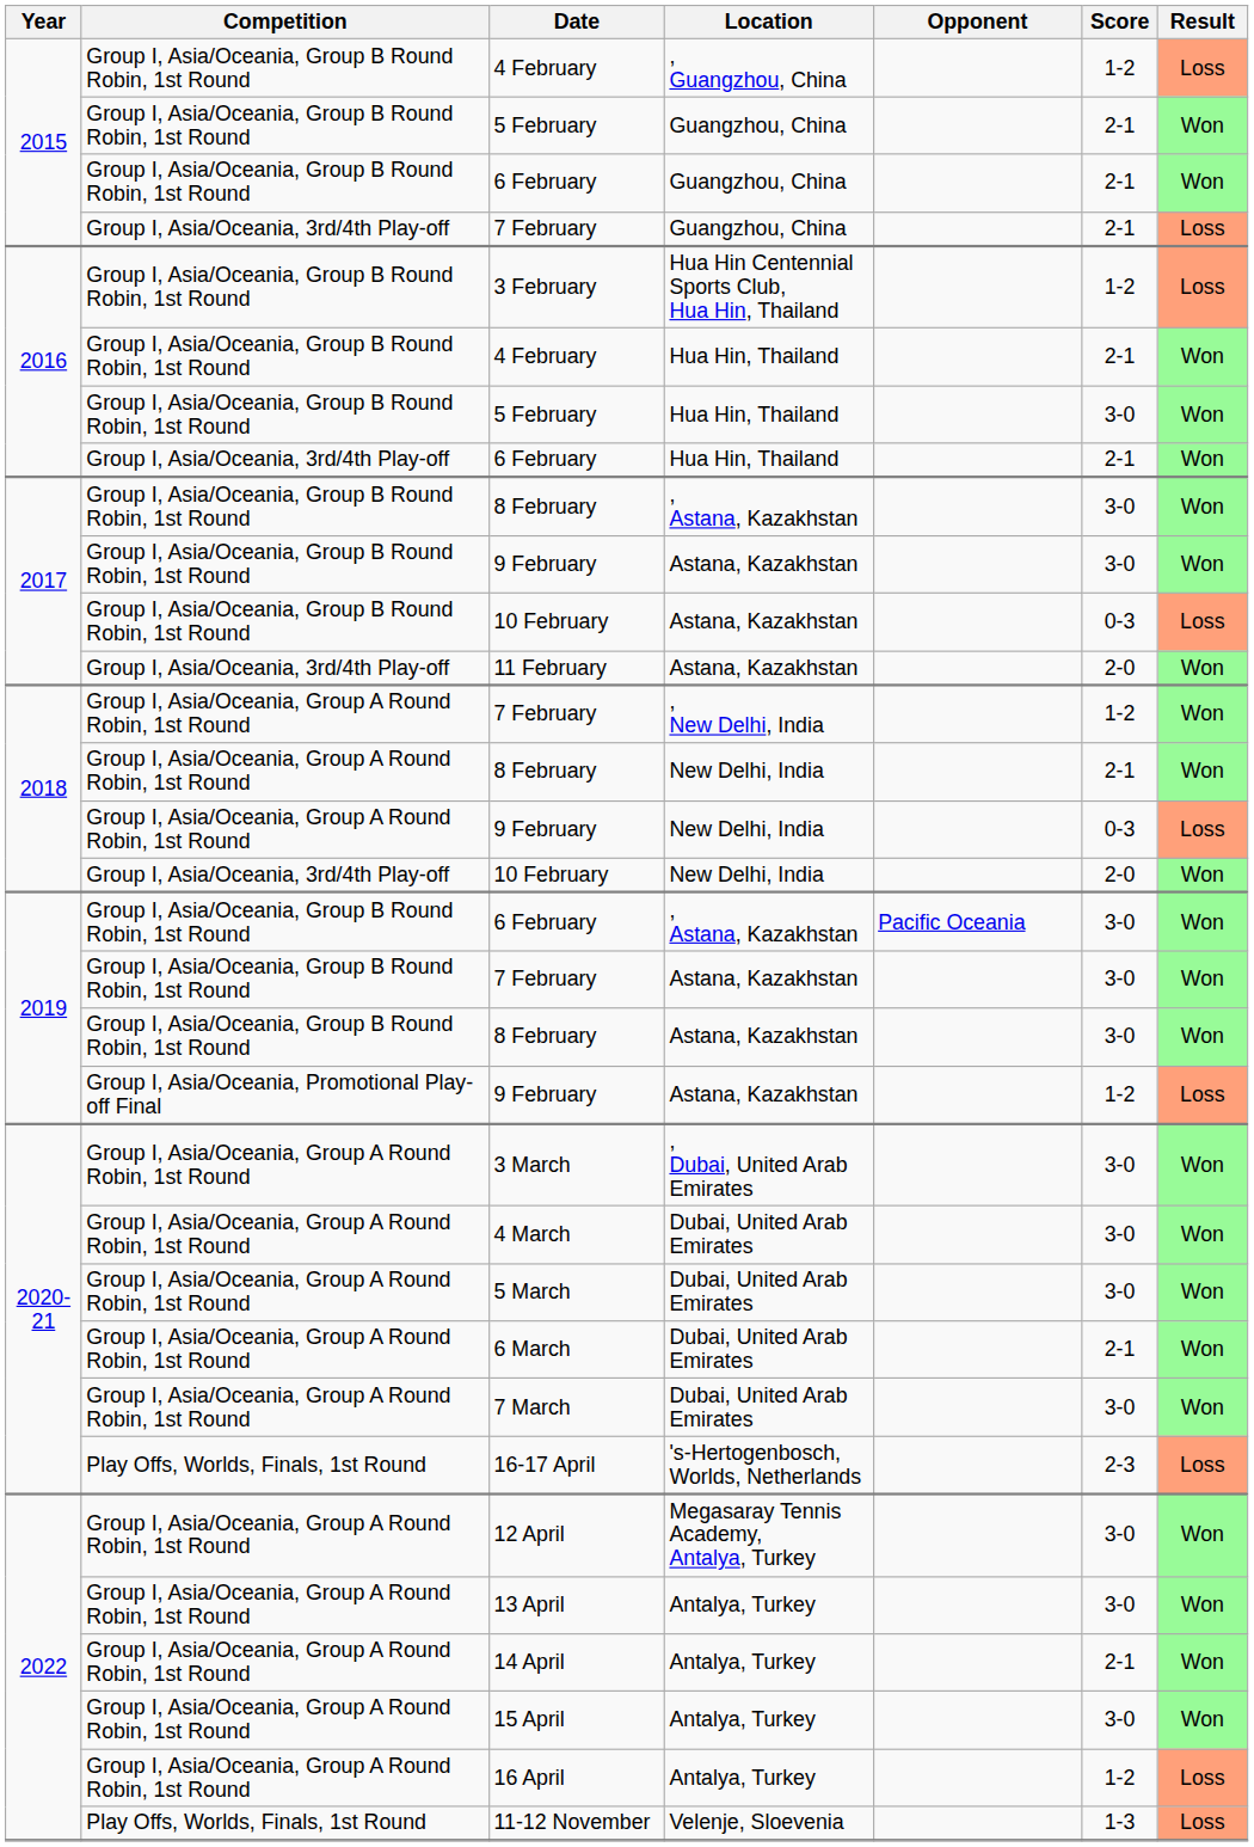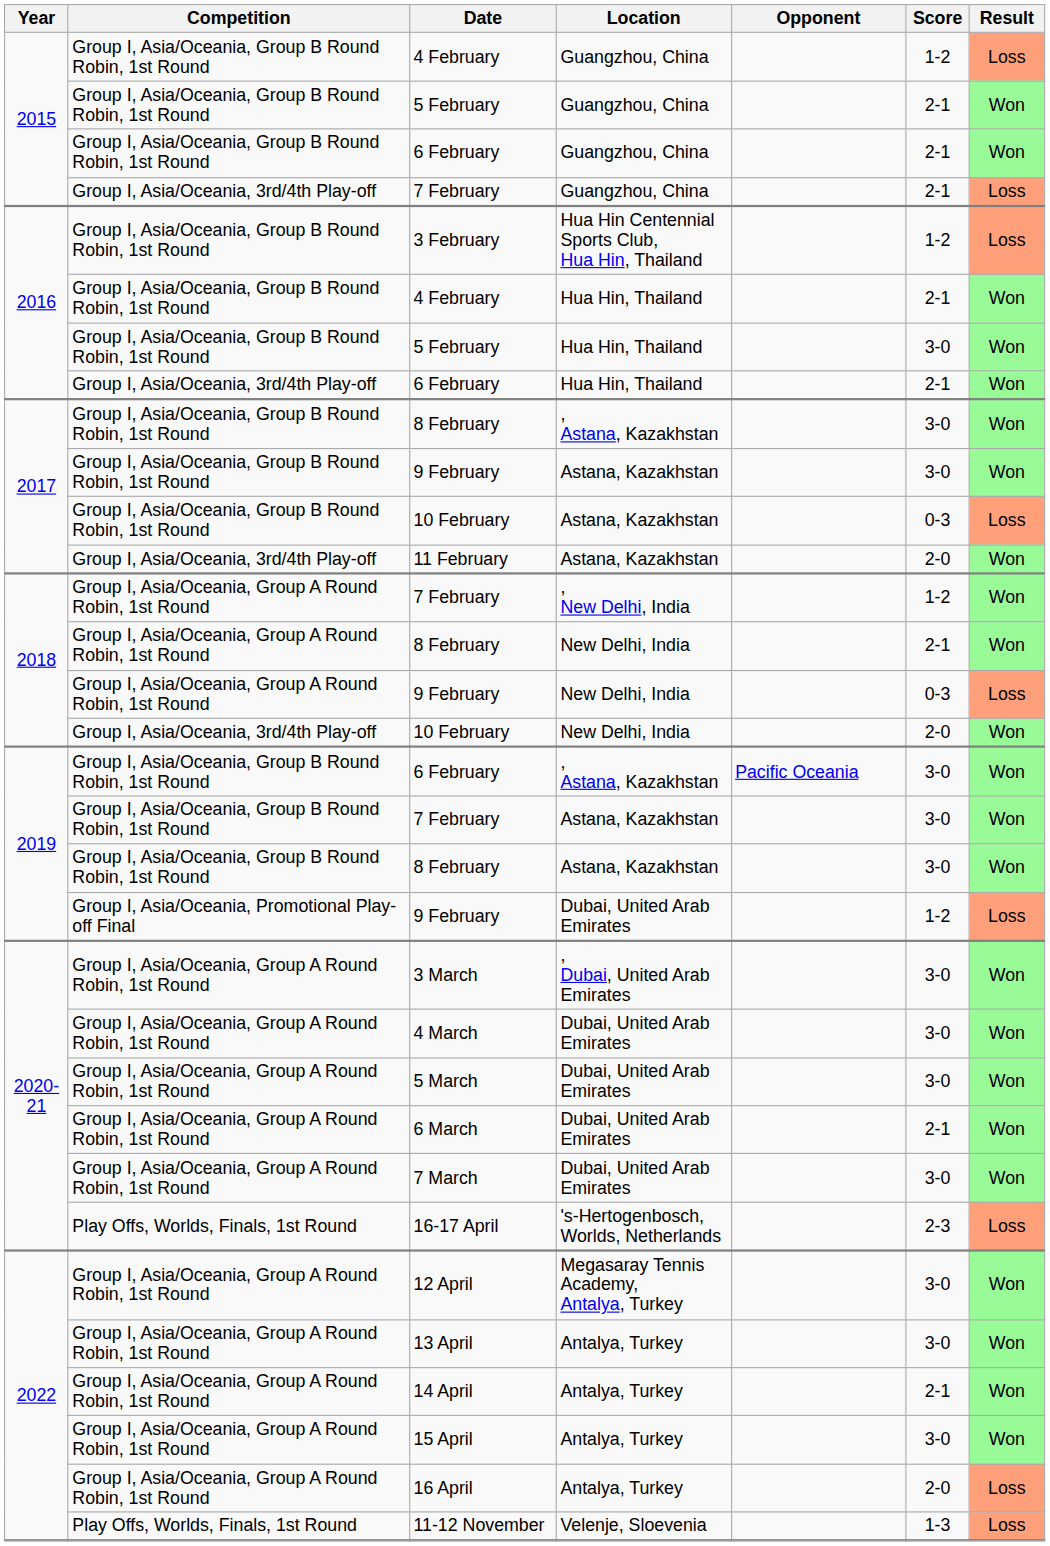 <table class="wikitable">
 <tr>
 <th width="50">Year</th>
 <th width="300">Competition</th>
 <th width="125">Date</th>
 <th width="150">Location</th>
 <th width="150">Opponent</th>
 <th width="50">Score</th>
 <th width="60">Result</th>
 </tr>
 <tr>
 <td align="center" rowspan="4"><a href='#'>2015</a></td>
 <td>Group I, Asia/Oceania, Group B Round Robin, 1st Round</td>
 <td>4 February</td>
-<td>, <br> <a href='#'>Guangzhou</a>, China</td>
+<td>Guangzhou, China</td>
 <td></td>
 <td align="center">1-2</td>
 <td align="center" bgcolor="#FFA07A">Loss</td>
 </tr>
 <tr>
 <td>Group I, Asia/Oceania, Group B Round Robin, 1st Round</td>
 <td>5 February</td>
 <td>Guangzhou, China</td>
 <td></td>
 <td align="center">2-1</td>
 <td align="center" bgcolor="#98FB98">Won</td>
 </tr>
 <tr>
 <td>Group I, Asia/Oceania, Group B Round Robin, 1st Round</td>
 <td>6 February</td>
 <td>Guangzhou, China</td>
 <td></td>
 <td align="center">2-1</td>
 <td align="center" bgcolor="#98FB98">Won</td>
 </tr>
 <tr>
 <td>Group I, Asia/Oceania, 3rd/4th Play-off</td>
 <td>7 February</td>
 <td>Guangzhou, China</td>
 <td></td>
 <td align="center">2-1</td>
 <td align="center" bgcolor="#FFA07A">Loss</td>
 </tr>
 <tr style="border-top:2px solid gray;">
 <td align="center" rowspan="4"><a href='#'>2016</a></td>
 <td>Group I, Asia/Oceania, Group B Round Robin, 1st Round</td>
 <td>3 February</td>
 <td>Hua Hin Centennial Sports Club, <br><a href='#'>Hua Hin</a>, Thailand</td>
 <td></td>
 <td align="center">1-2</td>
 <td align="center" bgcolor="#FFA07A">Loss</td>
 </tr>
 <tr>
 <td>Group I, Asia/Oceania, Group B Round Robin, 1st Round</td>
 <td>4 February</td>
 <td>Hua Hin, Thailand</td>
 <td></td>
 <td align="center">2-1</td>
 <td align="center" bgcolor="#98FB98">Won</td>
 </tr>
 <tr>
 <td>Group I, Asia/Oceania, Group B Round Robin, 1st Round</td>
 <td>5 February</td>
 <td>Hua Hin, Thailand</td>
 <td></td>
 <td align="center">3-0</td>
 <td align="center" bgcolor="#98FB98">Won</td>
 </tr>
 <tr>
 <td>Group I, Asia/Oceania, 3rd/4th Play-off</td>
 <td>6 February</td>
 <td>Hua Hin, Thailand</td>
 <td></td>
 <td align="center">2-1</td>
 <td align="center" bgcolor="#98FB98">Won</td>
 </tr>
 <tr style="border-top:2px solid gray;">
 <td align="center" rowspan="4"><a href='#'>2017</a></td>
 <td>Group I, Asia/Oceania, Group B Round Robin, 1st Round</td>
 <td>8 February</td>
 <td>, <br> <a href='#'>Astana</a>, Kazakhstan</td>
 <td></td>
 <td align="center">3-0</td>
 <td align="center" bgcolor="#98FB98">Won</td>
 </tr>
 <tr>
 <td>Group I, Asia/Oceania, Group B Round Robin, 1st Round</td>
 <td>9 February</td>
 <td>Astana, Kazakhstan</td>
 <td></td>
 <td align="center">3-0</td>
 <td align="center" bgcolor="#98FB98">Won</td>
 </tr>
 <tr>
 <td>Group I, Asia/Oceania, Group B Round Robin, 1st Round</td>
 <td>10 February</td>
 <td>Astana, Kazakhstan</td>
 <td></td>
 <td align="center">0-3</td>
 <td align="center" bgcolor="#FFA07A">Loss</td>
 </tr>
 <tr>
 <td>Group I, Asia/Oceania, 3rd/4th Play-off</td>
 <td>11 February</td>
 <td>Astana, Kazakhstan</td>
 <td></td>
 <td align="center">2-0</td>
 <td align="center" bgcolor="#98FB98">Won</td>
 </tr>
 <tr style="border-top:2px solid gray;">
 <td align="center" rowspan="4"><a href='#'>2018</a></td>
 <td>Group I, Asia/Oceania, Group A Round Robin, 1st Round</td>
 <td>7 February</td>
 <td>, <br> <a href='#'>New Delhi</a>, India</td>
 <td></td>
 <td align="center">1-2</td>
 <td align="center" bgcolor="#98FB98">Won</td>
 </tr>
 <tr>
 <td>Group I, Asia/Oceania, Group A Round Robin, 1st Round</td>
 <td>8 February</td>
 <td>New Delhi, India</td>
 <td></td>
 <td align="center">2-1</td>
 <td align="center" bgcolor="#98FB98">Won</td>
 </tr>
 <tr>
 <td>Group I, Asia/Oceania, Group A Round Robin, 1st Round</td>
 <td>9 February</td>
 <td>New Delhi, India</td>
 <td></td>
 <td align="center">0-3</td>
 <td align="center" bgcolor="#FFA07A">Loss</td>
 </tr>
 <tr>
 <td>Group I, Asia/Oceania, 3rd/4th Play-off</td>
 <td>10 February</td>
 <td>New Delhi, India</td>
 <td></td>
 <td align="center">2-0</td>
 <td align="center" bgcolor="#98FB98">Won</td>
 </tr>
 <tr style="border-top:2px solid gray;">
 <td align="center" rowspan="4"><a href='#'>2019</a></td>
 <td>Group I, Asia/Oceania, Group B Round Robin, 1st Round</td>
 <td>6 February</td>
 <td>, <br> <a href='#'>Astana</a>, Kazakhstan</td>
 <td><a href='#'>Pacific Oceania</a></td>
 <td align="center">3-0</td>
 <td align="center" bgcolor="#98FB98">Won</td>
 </tr>
 <tr>
 <td>Group I, Asia/Oceania, Group B Round Robin, 1st Round</td>
 <td>7 February</td>
 <td>Astana, Kazakhstan</td>
 <td></td>
 <td align="center">3-0</td>
 <td align="center" bgcolor="#98FB98">Won</td>
 </tr>
 <tr>
 <td>Group I, Asia/Oceania, Group B Round Robin, 1st Round</td>
 <td>8 February</td>
 <td>Astana, Kazakhstan</td>
 <td></td>
 <td align="center">3-0</td>
 <td align="center" bgcolor="#98FB98">Won</td>
 </tr>
 <tr>
 <td>Group I, Asia/Oceania, Promotional Play-off Final</td>
 <td>9 February</td>
-<td>Astana, Kazakhstan</td>
+<td>Dubai, United Arab Emirates</td>
 <td></td>
 <td align="center">1-2</td>
 <td align="center" bgcolor="#FFA07A">Loss</td>
 </tr>
 <tr style="border-top:2px solid gray;">
 <td align="center" rowspan="6"><a href='#'>2020-21</a></td>
 <td>Group I, Asia/Oceania, Group A Round Robin, 1st Round</td>
 <td>3 March</td>
 <td>, <br> <a href='#'>Dubai</a>, United Arab Emirates</td>
 <td></td>
 <td align="center">3-0</td>
 <td align="center" bgcolor="#98FB98">Won</td>
 </tr>
 <tr>
 <td>Group I, Asia/Oceania, Group A Round Robin, 1st Round</td>
 <td>4 March</td>
 <td>Dubai, United Arab Emirates</td>
 <td></td>
 <td align="center">3-0</td>
 <td align="center" bgcolor="#98FB98">Won</td>
 </tr>
 <tr>
 <td>Group I, Asia/Oceania, Group A Round Robin, 1st Round</td>
 <td>5 March</td>
 <td>Dubai, United Arab Emirates</td>
 <td></td>
 <td align="center">3-0</td>
 <td align="center" bgcolor="#98FB98">Won</td>
 </tr>
 <tr>
 <td>Group I, Asia/Oceania, Group A Round Robin, 1st Round</td>
 <td>6 March</td>
 <td>Dubai, United Arab Emirates</td>
 <td></td>
 <td align="center">2-1</td>
 <td align="center" bgcolor="#98FB98">Won</td>
 </tr>
 <tr>
 <td>Group I, Asia/Oceania, Group A Round Robin, 1st Round</td>
 <td>7 March</td>
 <td>Dubai, United Arab Emirates</td>
 <td></td>
 <td align="center">3-0</td>
 <td align="center" bgcolor="#98FB98">Won</td>
 </tr>
 <tr>
 <td>Play Offs, Worlds, Finals, 1st Round</td>
 <td>16-17 April</td>
 <td>'s-Hertogenbosch, Worlds, Netherlands</td>
 <td></td>
 <td align="center">2-3</td>
 <td align="center" bgcolor="#FFA07A">Loss</td>
 </tr>
 <tr style="border-top:2px solid gray;">
 <td align="center" rowspan="6"><a href='#'>2022</a></td>
 <td>Group I, Asia/Oceania, Group A Round Robin, 1st Round</td>
 <td>12 April</td>
 <td>Megasaray Tennis Academy, <br><a href='#'>Antalya</a>, Turkey</td>
 <td></td>
 <td align="center">3-0</td>
 <td align="center" bgcolor="#98FB98">Won</td>
 </tr>
 <tr>
 <td>Group I, Asia/Oceania, Group A Round Robin, 1st Round</td>
 <td>13 April</td>
 <td>Antalya, Turkey</td>
 <td></td>
 <td align="center">3-0</td>
 <td align="center" bgcolor="#98FB98">Won</td>
 </tr>
 <tr>
 <td>Group I, Asia/Oceania, Group A Round Robin, 1st Round</td>
 <td>14 April</td>
 <td>Antalya, Turkey</td>
 <td></td>
 <td align="center">2-1</td>
 <td align="center" bgcolor="#98FB98">Won</td>
 </tr>
 <tr>
 <td>Group I, Asia/Oceania, Group A Round Robin, 1st Round</td>
 <td>15 April</td>
 <td>Antalya, Turkey</td>
 <td></td>
 <td align="center">3-0</td>
 <td align="center" bgcolor="#98FB98">Won</td>
 </tr>
 <tr>
 <td>Group I, Asia/Oceania, Group A Round Robin, 1st Round</td>
 <td>16 April</td>
 <td>Antalya, Turkey</td>
 <td></td>
-<td align="center">1-2</td>
+<td align="center">2-0</td>
 <td align="center" bgcolor="#FFA07A">Loss</td>
 </tr>
 <tr>
 <td>Play Offs, Worlds, Finals, 1st Round</td>
 <td>11-12 November</td>
 <td>Velenje, Sloevenia</td>
 <td></td>
 <td align="center">1-3</td>
 <td align="center" bgcolor="#FFA07A">Loss</td>
 </tr>
 <tr style="border-top:2px solid gray;">
 </tr>
 </table>
